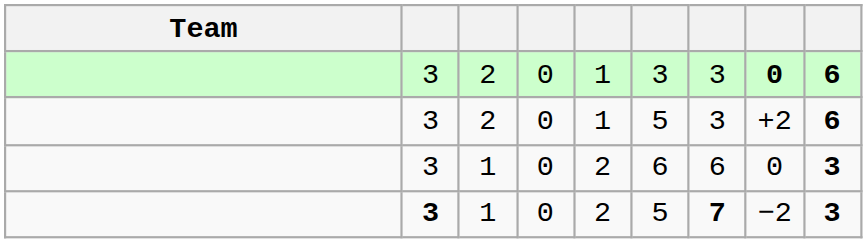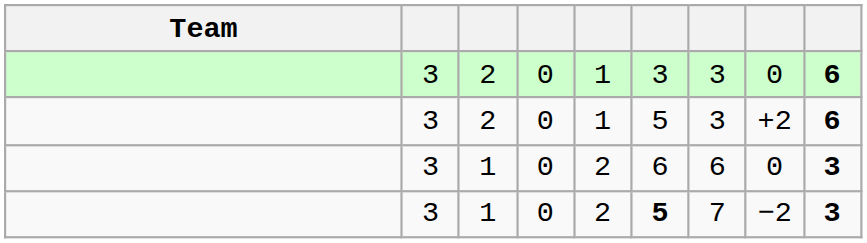 <table class="wikitable" style="text-align:center;">
 <tr>
 <th width=175>Team</th>
 <th width=20></th>
 <th width=20></th>
 <th width=20></th>
 <th width=20></th>
 <th width=20></th>
 <th width=20></th>
 <th width=20></th>
 <th width=20></th>
 </tr>
 <tr bgcolor=ccffcc>
 <td align="left"></td>
 <td>3</td>
 <td>2</td>
 <td>0</td>
 <td>1</td>
 <td>3</td>
 <td>3</td>
-<td><strong>0</strong></td>
+<td>0</td>
 <td><strong>6</strong></td>
 </tr>
 <tr>
 <td align="left"></td>
 <td>3</td>
 <td>2</td>
 <td>0</td>
 <td>1</td>
 <td>5</td>
 <td>3</td>
 <td>+2</td>
 <td><strong>6</strong></td>
 </tr>
 <tr>
 <td align="left"></td>
 <td>3</td>
 <td>1</td>
 <td>0</td>
 <td>2</td>
 <td>6</td>
 <td>6</td>
 <td>0</td>
 <td><strong>3</strong></td>
 </tr>
 <tr>
 <td align="left"></td>
-<td><strong>3</strong></td>
+<td>3</td>
 <td>1</td>
 <td>0</td>
 <td>2</td>
-<td>5</td>
-<td><strong>7</strong></td>
+<td><strong>5</strong></td>
+<td>7</td>
 <td>−2</td>
 <td><strong>3</strong></td>
 </tr>
 </table>
